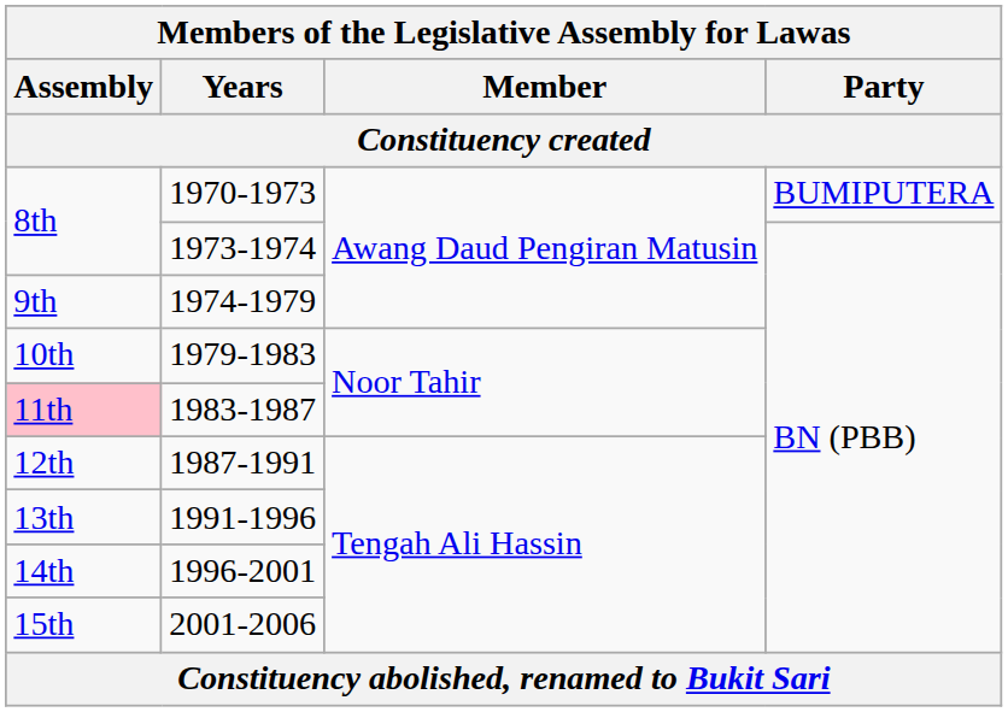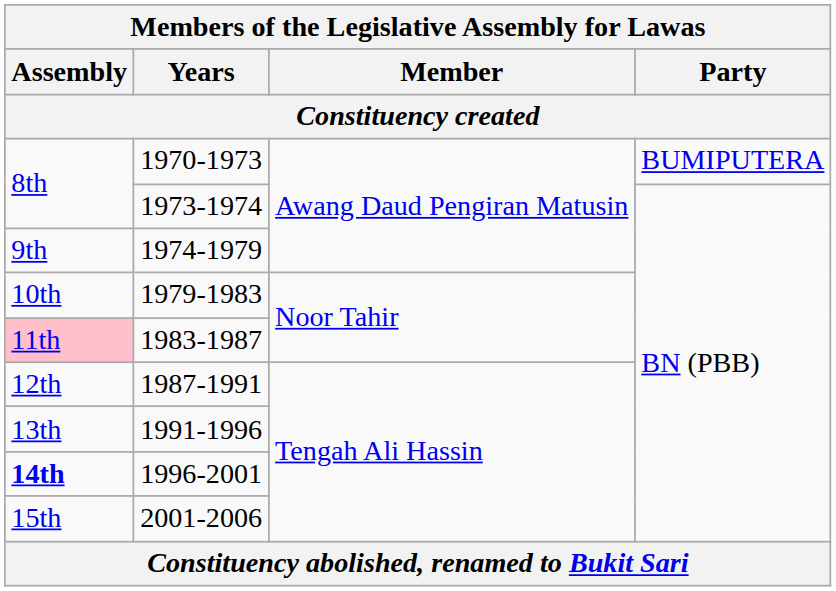 <table class=wikitable>
 <tr>
 <th colspan="4">Members of the Legislative Assembly for Lawas</th>
 </tr>
 <tr>
 <th>Assembly</th>
 <th>Years</th>
 <th>Member</th>
 <th>Party</th>
 </tr>
 <tr>
 <th colspan=4 align=center><em>Constituency created</em></th>
 </tr>
 <tr>
 <td rowspan=2><a href='#'>8th</a></td>
 <td>1970-1973</td>
 <td rowspan=3><a href='#'>Awang Daud Pengiran Matusin</a></td>
 <td><a href='#'>BUMIPUTERA</a></td>
 </tr>
 <tr>
 <td>1973-1974</td>
 <td rowspan=8><a href='#'>BN</a> (PBB)</td>
 </tr>
 <tr>
 <td><a href='#'>9th</a></td>
 <td>1974-1979</td>
 </tr>
 <tr>
 <td><a href='#'>10th</a></td>
 <td>1979-1983</td>
 <td rowspan=2><a href='#'>Noor Tahir</a></td>
 </tr>
 <tr>
 <td style="background: pink;"><a href='#'>11th</a></td>
 <td>1983-1987</td>
 </tr>
 <tr>
 <td><a href='#'>12th</a></td>
 <td>1987-1991</td>
 <td rowspan=4><a href='#'>Tengah Ali Hassin</a></td>
 </tr>
 <tr>
 <td><a href='#'>13th</a></td>
 <td>1991-1996</td>
 </tr>
 <tr>
-<td><a href='#'>14th</a></td>
+<td><strong><a href='#'>14th</a></strong></td>
 <td>1996-2001</td>
 </tr>
 <tr>
 <td><a href='#'>15th</a></td>
 <td>2001-2006</td>
 </tr>
 <tr>
 <th colspan=4 align=center><em>Constituency abolished, renamed to <a href='#'>Bukit Sari</a></em></th>
 </tr>
 </table>
